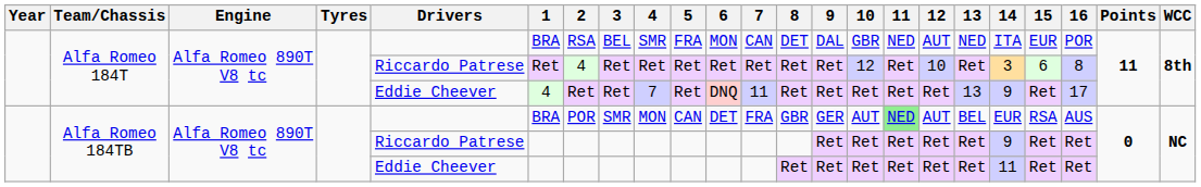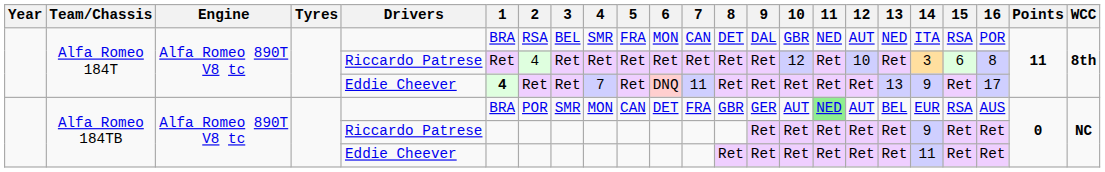 <table class="wikitable" style="text-align:center; font-size:95%">
 <tr>
 <th>Year</th>
 <th>Team/Chassis</th>
 <th>Engine</th>
 <th>Tyres</th>
 <th>Drivers</th>
 <th>1</th>
 <th>2</th>
 <th>3</th>
 <th>4</th>
 <th>5</th>
 <th>6</th>
 <th>7</th>
 <th>8</th>
 <th>9</th>
 <th>10</th>
 <th>11</th>
 <th>12</th>
 <th>13</th>
 <th>14</th>
 <th>15</th>
 <th>16</th>
 <th>Points</th>
 <th>WCC</th>
 </tr>
 <tr>
 <td rowspan="3"></td>
 <td rowspan="3"><a href='#'>Alfa Romeo</a><br>184T</td>
 <td rowspan="3"><a href='#'>Alfa Romeo</a> <a href='#'>890T</a><br><a href='#'>V8</a> <a href='#'>tc</a></td>
 <td rowspan="3"></td>
 <td></td>
 <td><a href='#'>BRA</a></td>
 <td><a href='#'>RSA</a></td>
 <td><a href='#'>BEL</a></td>
 <td><a href='#'>SMR</a></td>
 <td><a href='#'>FRA</a></td>
 <td><a href='#'>MON</a></td>
 <td><a href='#'>CAN</a></td>
 <td><a href='#'>DET</a></td>
 <td><a href='#'>DAL</a></td>
 <td><a href='#'>GBR</a></td>
 <td><a href='#'>NED</a></td>
 <td><a href='#'>AUT</a></td>
 <td><a href='#'>NED</a></td>
 <td><a href='#'>ITA</a></td>
-<td><a href='#'>EUR</a></td>
+<td><a href='#'>RSA</a></td>
 <td><a href='#'>POR</a></td>
 <td rowspan="3"><strong>11</strong></td>
 <td rowspan="3"><strong>8th</strong></td>
 </tr>
 <tr>
 <td align="left"><a href='#'>Riccardo Patrese</a></td>
 <td style="background:#efcfff;">Ret</td>
 <td style="background:#dfffdf;">4</td>
 <td style="background:#efcfff;">Ret</td>
 <td style="background:#efcfff;">Ret</td>
 <td style="background:#efcfff;">Ret</td>
 <td style="background:#efcfff;">Ret</td>
 <td style="background:#efcfff;">Ret</td>
 <td style="background:#efcfff;">Ret</td>
 <td style="background:#efcfff;">Ret</td>
 <td style="background:#cfcfff;">12</td>
 <td style="background:#efcfff;">Ret</td>
 <td style="background:#cfcfff;">10</td>
 <td style="background:#efcfff;">Ret</td>
 <td style="background:#ffdf9f;">3</td>
 <td style="background:#dfffdf;">6</td>
 <td style="background:#cfcfff;">8</td>
 </tr>
 <tr>
 <td align="left"><a href='#'>Eddie Cheever</a></td>
-<td style="background:#dfffdf;">4</td>
+<td style="background:#dfffdf;"><strong>4</strong></td>
 <td style="background:#efcfff;">Ret</td>
 <td style="background:#efcfff;">Ret</td>
 <td style="background:#cfcfff;">7</td>
 <td style="background:#efcfff;">Ret</td>
 <td style="background:#ffcfcf;">DNQ</td>
 <td style="background:#cfcfff;">11</td>
 <td style="background:#efcfff;">Ret</td>
 <td style="background:#efcfff;">Ret</td>
 <td style="background:#efcfff;">Ret</td>
 <td style="background:#efcfff;">Ret</td>
 <td style="background:#efcfff;">Ret</td>
 <td style="background:#cfcfff;">13</td>
 <td style="background:#cfcfff;">9</td>
 <td style="background:#efcfff;">Ret</td>
 <td style="background:#cfcfff;">17</td>
 </tr>
 <tr>
 <td rowspan="3"></td>
 <td rowspan="3"><a href='#'>Alfa Romeo</a><br>184TB</td>
 <td rowspan="3"><a href='#'>Alfa Romeo</a> <a href='#'>890T</a><br><a href='#'>V8</a> <a href='#'>tc</a></td>
 <td rowspan="3"></td>
 <td></td>
 <td><a href='#'>BRA</a></td>
 <td><a href='#'>POR</a></td>
 <td><a href='#'>SMR</a></td>
 <td><a href='#'>MON</a></td>
 <td><a href='#'>CAN</a></td>
 <td><a href='#'>DET</a></td>
 <td><a href='#'>FRA</a></td>
 <td><a href='#'>GBR</a></td>
 <td><a href='#'>GER</a></td>
 <td><a href='#'>AUT</a></td>
 <td style="background: lightgreen;"><a href='#'>NED</a></td>
 <td><a href='#'>AUT</a></td>
 <td><a href='#'>BEL</a></td>
 <td><a href='#'>EUR</a></td>
 <td><a href='#'>RSA</a></td>
 <td><a href='#'>AUS</a></td>
 <td rowspan="3"><strong>0</strong></td>
 <td rowspan="3"><strong>NC</strong></td>
 </tr>
 <tr>
 <td align="left"><a href='#'>Riccardo Patrese</a></td>
 <td></td>
 <td></td>
 <td></td>
 <td></td>
 <td></td>
 <td></td>
 <td></td>
 <td></td>
 <td style="background:#efcfff;">Ret</td>
 <td style="background:#efcfff;">Ret</td>
 <td style="background:#efcfff;">Ret</td>
 <td style="background:#efcfff;">Ret</td>
 <td style="background:#efcfff;">Ret</td>
 <td style="background:#cfcfff;">9</td>
 <td style="background:#efcfff;">Ret</td>
 <td style="background:#efcfff;">Ret</td>
 </tr>
 <tr>
 <td align="left"><a href='#'>Eddie Cheever</a></td>
 <td></td>
 <td></td>
 <td></td>
 <td></td>
 <td></td>
 <td></td>
 <td></td>
 <td style="background:#efcfff;">Ret</td>
 <td style="background:#efcfff;">Ret</td>
 <td style="background:#efcfff;">Ret</td>
 <td style="background:#efcfff;">Ret</td>
 <td style="background:#efcfff;">Ret</td>
 <td style="background:#efcfff;">Ret</td>
 <td style="background:#cfcfff;">11</td>
 <td style="background:#efcfff;">Ret</td>
 <td style="background:#efcfff;">Ret</td>
 </tr>
 </table>
